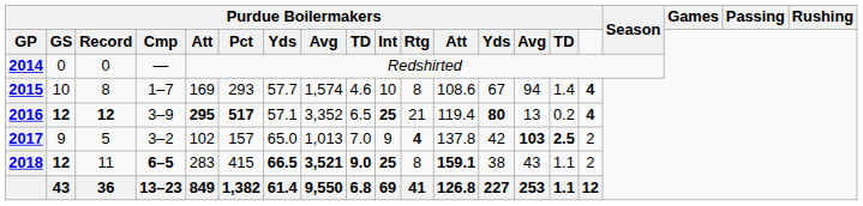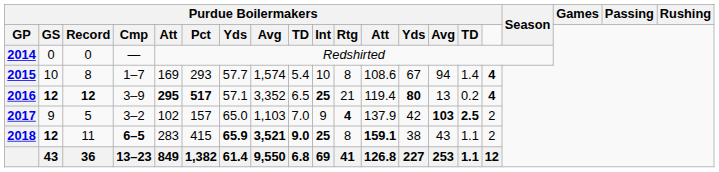 <table class=wikitable style="text-align:center;">
 <tr>
 <th colspan="16">Purdue Boilermakers</th>
 <th rowspan="2">Season</th>
 <th colspan="3">Games</th>
 <th colspan="8">Passing</th>
 <th colspan="5">Rushing</th>
 </tr>
 <tr>
 <th>GP</th>
 <th>GS</th>
 <th>Record</th>
 <th>Cmp</th>
 <th>Att</th>
 <th>Pct</th>
 <th>Yds</th>
 <th>Avg</th>
 <th>TD</th>
 <th>Int</th>
 <th>Rtg</th>
 <th>Att</th>
 <th>Yds</th>
 <th>Avg</th>
 <th>TD</th>
 </tr>
 <tr>
 <th><a href='#'>2014</a></th>
 <td>0</td>
 <td>0</td>
 <td>—</td>
 <td colspan="13"><em>Redshirted </em></td>
 </tr>
 <tr>
 <th><a href='#'>2015</a></th>
 <td>10</td>
 <td>8</td>
 <td>1–7</td>
 <td>169</td>
 <td>293</td>
 <td>57.7</td>
 <td>1,574</td>
-<td>4.6</td>
+<td>5.4</td>
 <td>10</td>
 <td>8</td>
 <td>108.6</td>
 <td>67</td>
 <td>94</td>
 <td>1.4</td>
 <td><strong>4</strong></td>
 </tr>
 <tr>
 <th><a href='#'>2016</a></th>
 <td><strong>12</strong></td>
 <td><strong>12</strong></td>
 <td>3–9</td>
 <td><strong>295</strong></td>
 <td><strong>517</strong></td>
 <td>57.1</td>
 <td>3,352</td>
 <td>6.5</td>
 <td><strong>25</strong></td>
 <td>21</td>
 <td>119.4</td>
 <td><strong>80</strong></td>
 <td>13</td>
 <td>0.2</td>
 <td><strong>4</strong></td>
 </tr>
 <tr>
 <th><a href='#'>2017</a></th>
 <td>9</td>
 <td>5</td>
 <td>3–2</td>
 <td>102</td>
 <td>157</td>
 <td>65.0</td>
-<td>1,013</td>
+<td>1,103</td>
 <td>7.0</td>
 <td>9</td>
 <td><strong>4</strong></td>
-<td>137.8</td>
+<td>137.9</td>
 <td>42</td>
 <td><strong>103</strong></td>
 <td><strong>2.5</strong></td>
 <td>2</td>
 </tr>
 <tr>
 <th><a href='#'>2018</a></th>
 <td><strong>12</strong></td>
 <td>11</td>
 <td><strong>6–5</strong></td>
 <td>283</td>
 <td>415</td>
-<td><strong>66.5</strong></td>
+<td><strong>65.9</strong></td>
 <td><strong>3,521</strong></td>
 <td><strong>9.0</strong></td>
 <td><strong>25</strong></td>
 <td>8</td>
 <td><strong>159.1</strong></td>
 <td>38</td>
 <td>43</td>
 <td>1.1</td>
 <td>2</td>
 </tr>
 <tr>
 <th></th>
 <th>43</th>
 <th>36</th>
 <th>13–23</th>
 <th>849</th>
 <th>1,382</th>
 <th>61.4</th>
 <th>9,550</th>
 <th>6.8</th>
 <th>69</th>
 <th>41</th>
 <th>126.8</th>
 <th>227</th>
 <th>253</th>
 <th>1.1</th>
 <th>12</th>
 </tr>
 </table>
